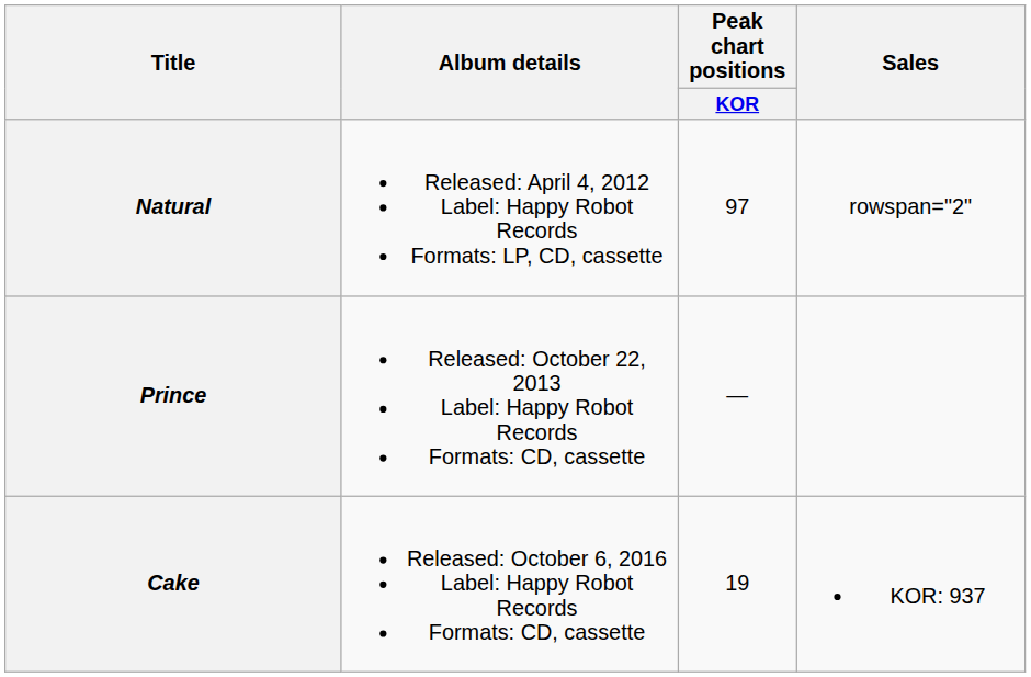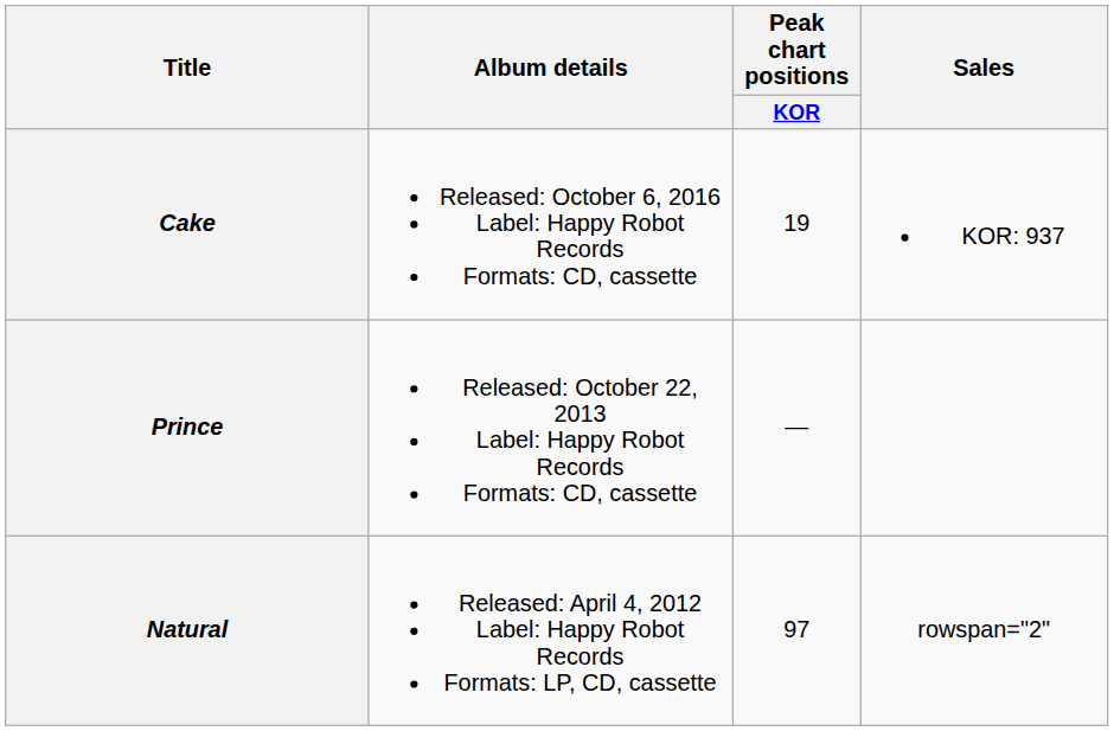 <table class="wikitable plainrowheaders" style="text-align:center;">
 <tr>
 <th scope="col" rowspan="2" style="width:15em;">Title</th>
 <th scope="col" rowspan="2" style="width:15em;">Album details</th>
 <th scope="col" colspan="1" style="width:5em;">Peak chart positions</th>
 <th scope="col" rowspan="2" style="width:10em;">Sales</th>
 </tr>
 <tr>
 <th style="font-size:90%"><a href='#'>KOR</a><br></th>
 </tr>
 <tr>
-<th scope="row"><em>Natural</em></th>
-<td><br><ul><li>Released: April 4, 2012</li><li>Label: Happy Robot Records</li><li>Formats: LP, CD, cassette</li></ul></td>
-<td>97</td>
-<td>rowspan="2" </td>
+<th scope="row"><em>Cake</em></th>
+<td><br><ul><li>Released: October 6, 2016</li><li>Label: Happy Robot Records</li><li>Formats: CD, cassette</li></ul></td>
+<td>19</td>
+<td><br><ul><li>KOR: 937</li></ul></td>
 </tr>
 <tr>
 <th scope="row"><em>Prince</em></th>
 <td><br><ul><li>Released: October 22, 2013</li><li>Label: Happy Robot Records</li><li>Formats: CD, cassette</li></ul></td>
 <td>—</td>
 </tr>
 <tr>
-<th scope="row"><em>Cake</em></th>
-<td><br><ul><li>Released: October 6, 2016</li><li>Label: Happy Robot Records</li><li>Formats: CD, cassette</li></ul></td>
-<td>19</td>
-<td><br><ul><li>KOR: 937</li></ul></td>
+<th scope="row"><em>Natural</em></th>
+<td><br><ul><li>Released: April 4, 2012</li><li>Label: Happy Robot Records</li><li>Formats: LP, CD, cassette</li></ul></td>
+<td>97</td>
+<td>rowspan="2" </td>
 </tr>
 </table>
